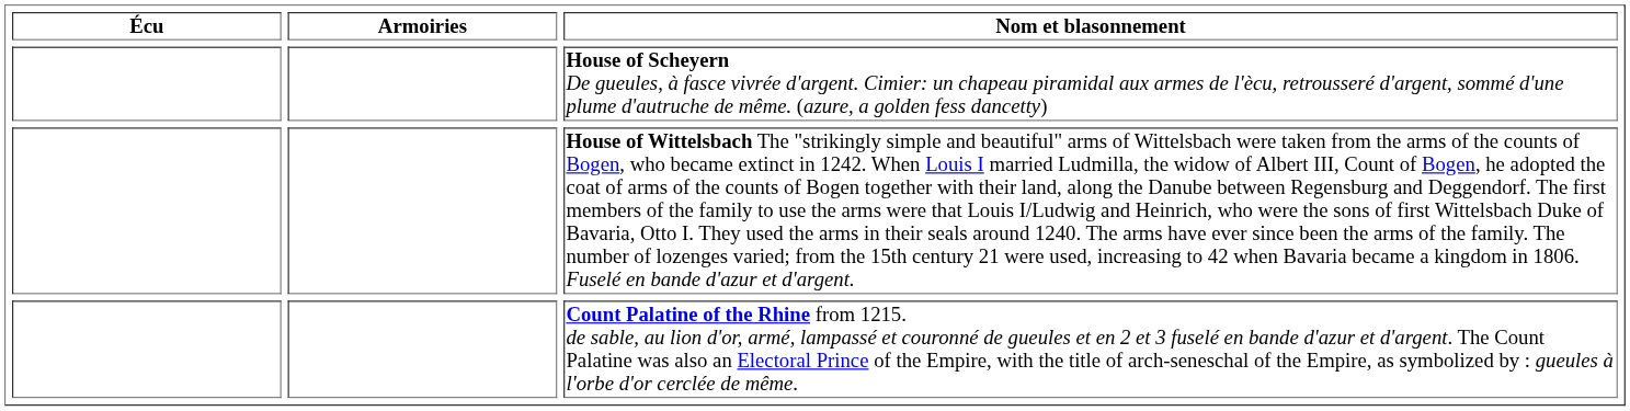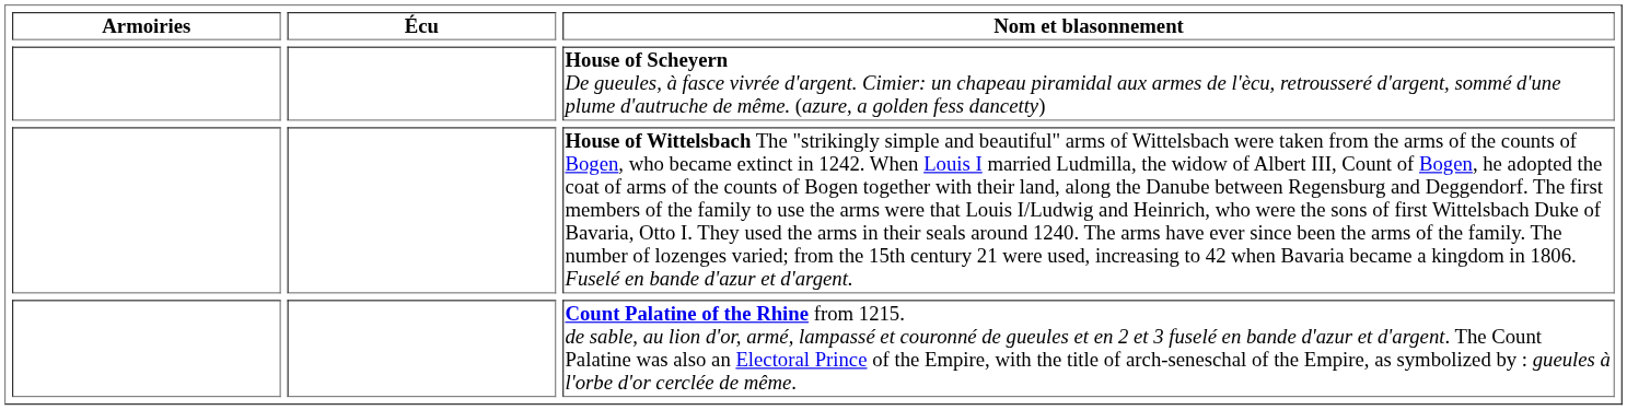 <table border=1 cellspacing=5 width="100%">
 <tr style="vertical-align:top; text-align:center">
+<td width="206"><strong>Armoiries</strong></td>
 <td width="206"><strong>Écu</strong></td>
-<td width="206"><strong>Armoiries</strong></td>
 <td><strong>Nom et blasonnement</strong></td>
 </tr>
 <tr style="vertical-align:top">
 <td style="text-align:center"></td>
 <td style="text-align:center"></td>
 <td><strong>House of Scheyern</strong><br><em>De gueules, à fasce vivrée d'argent.  Cimier:  un chapeau piramidal aux armes de l'ècu, retrousseré d'argent, sommé d'une plume d'autruche de même.</em> (<em>azure, a golden fess dancetty</em>)</td>
 </tr>
 <tr style="vertical-align:top">
 <td style="text-align:center"></td>
 <td style="text-align:center"></td>
 <td><strong>House of Wittelsbach</strong> The "strikingly simple and beautiful" arms of Wittelsbach were taken from the arms of the counts of <a href='#'>Bogen</a>, who became extinct in 1242. When <a href='#'>Louis I</a> married Ludmilla, the widow of Albert III, Count of <a href='#'>Bogen</a>, he adopted the coat of arms of the counts of Bogen together with their land, along the Danube between Regensburg and Deggendorf. The first members of the family to use the arms were that Louis I/Ludwig and Heinrich, who were the sons of first Wittelsbach Duke of Bavaria, Otto I.  They used the arms in their seals around 1240. The arms have ever since been the arms of the family.  The number of lozenges varied; from the 15th century 21 were used, increasing to 42 when Bavaria became a kingdom in 1806.<br><em>Fuselé en bande d'azur et d'argent.</em></td>
 </tr>
 <tr style="vertical-align:top">
+<td style="text-align:center"></td>
 <td style="text-align:center"> <br> </td>
-<td style="text-align:center"></td>
 <td><strong><a href='#'>Count Palatine of the Rhine</a></strong> from 1215.<br><em>de sable, au lion d'or, armé, lampassé et couronné de gueules et en 2 et 3 fuselé en bande d'azur et d'argent</em>.  The Count Palatine was also an <a href='#'>Electoral Prince</a> of the Empire, with the title of arch-seneschal of the Empire, as symbolized by : <em>gueules à l'orbe d'or cerclée de même</em>.</td>
 </tr>
 </table>
